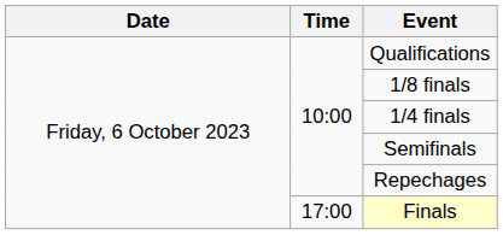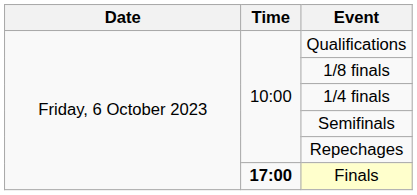 <table class = "wikitable" style="text-align:center;">
 <tr>
 <th width=220>Date</th>
 <th width=50>Time</th>
 <th width=100>Event</th>
 </tr>
 <tr>
 <td rowspan=6>Friday, 6 October 2023</td>
 <td rowspan=5>10:00</td>
 <td>Qualifications</td>
 </tr>
 <tr>
 <td>1/8 finals</td>
 </tr>
 <tr>
 <td>1/4 finals</td>
 </tr>
 <tr>
 <td>Semifinals</td>
 </tr>
 <tr>
 <td>Repechages</td>
 </tr>
 <tr>
-<td>17:00</td>
+<td><strong>17:00</strong></td>
 <td bgcolor=ffffcc>Finals</td>
 </tr>
 </table>
